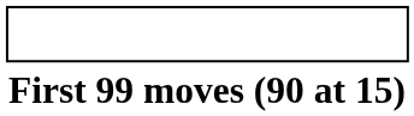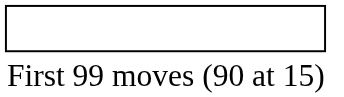 <table style="display:inline; display:inline-table;">
 <tr>
 <td style="border: solid thin; padding: 2px;"><br></td>
 </tr>
 <tr>
-<td style="text-align:center"><strong>First 99 moves (90 at 15)</strong></td>
+<td style="text-align:center">First 99 moves (90 at 15)</td>
 </tr>
 </table>
